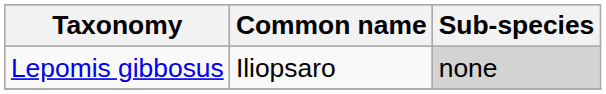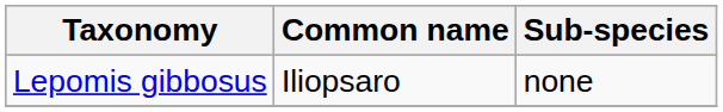 <table class="wikitable">
 <tr>
 <th>Taxonomy</th>
 <th>Common name</th>
 <th>Sub-species</th>
 </tr>
 <tr>
 <td><a href='#'>Lepomis gibbosus</a></td>
 <td>Iliopsaro</td>
-<td style="background: lightgrey;">none</td>
+<td>none</td>
 </tr>
 <tr>
 </tr>
 </table>
